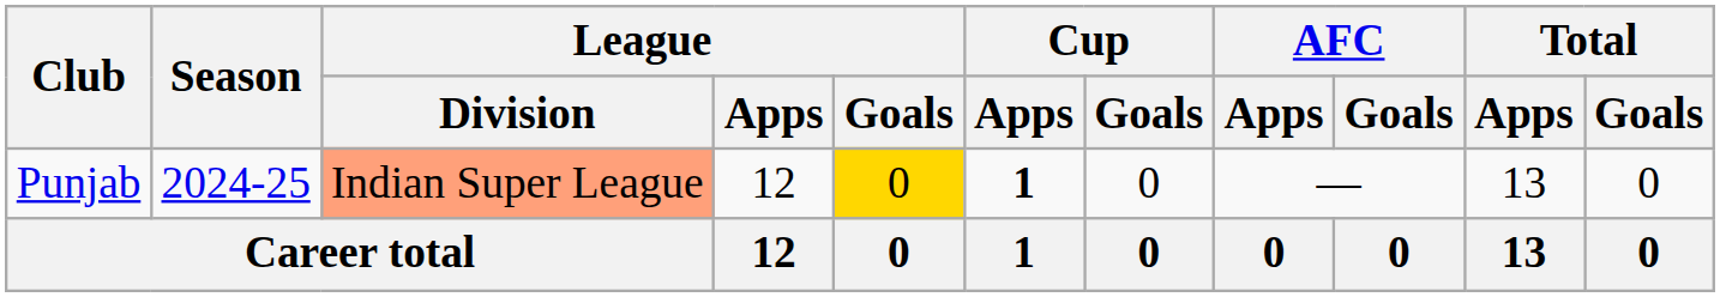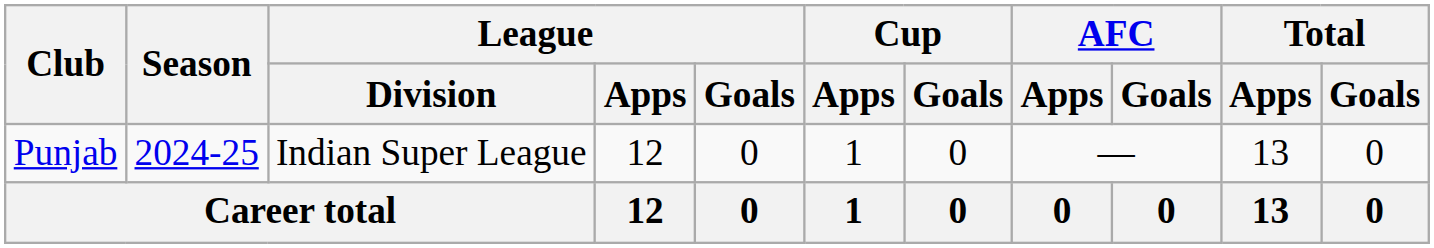 <table class="wikitable" style="text-align: center;">
 <tr>
 <th rowspan="2">Club</th>
 <th rowspan="2">Season</th>
 <th colspan="3">League</th>
 <th colspan="2">Cup</th>
 <th colspan="2"><a href='#'>AFC</a></th>
 <th colspan="2">Total</th>
 </tr>
 <tr>
 <th>Division</th>
 <th>Apps</th>
 <th>Goals</th>
 <th>Apps</th>
 <th>Goals</th>
 <th>Apps</th>
 <th>Goals</th>
 <th>Apps</th>
 <th>Goals</th>
 </tr>
 <tr>
 <td rowspan="1"><a href='#'>Punjab</a></td>
 <td><a href='#'>2024-25</a></td>
-<td rowspan="1" style="background: lightsalmon;">Indian Super League</td>
+<td rowspan="1">Indian Super League</td>
 <td>12</td>
-<td style="background: gold;">0</td>
-<td><strong>1</strong></td>
+<td>0</td>
+<td>1</td>
 <td>0</td>
 <td colspan="2">—</td>
 <td>13</td>
 <td>0</td>
 </tr>
 <tr>
 <th colspan="3">Career total</th>
 <th>12</th>
 <th>0</th>
 <th>1</th>
 <th>0</th>
 <th>0</th>
 <th>0</th>
 <th>13</th>
 <th>0</th>
 </tr>
 </table>
